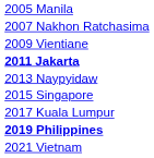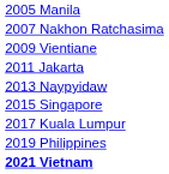 <table>
 <tr>
 <td><a href='#'>2005 Manila</a></td>
 <td></td>
 <td></td>
 <td></td>
 </tr>
 <tr>
 <td><a href='#'>2007 Nakhon Ratchasima</a></td>
 <td></td>
 <td></td>
 <td></td>
 </tr>
 <tr>
 <td><a href='#'>2009 Vientiane</a></td>
 <td></td>
 <td></td>
 <td></td>
 </tr>
 <tr>
-<td><strong><a href='#'>2011 Jakarta</a></strong></td>
+<td><a href='#'>2011 Jakarta</a></td>
 <td></td>
 <td></td>
 <td></td>
 </tr>
 <tr>
 <td><a href='#'>2013 Naypyidaw</a></td>
 <td></td>
 <td></td>
 <td></td>
 </tr>
 <tr>
 <td><a href='#'>2015 Singapore</a></td>
 <td></td>
 <td></td>
 <td></td>
 </tr>
 <tr>
 <td><a href='#'>2017 Kuala Lumpur</a></td>
 <td></td>
 <td></td>
 <td></td>
 </tr>
 <tr>
-<td><strong><a href='#'>2019 Philippines</a></strong></td>
+<td><a href='#'>2019 Philippines</a></td>
 <td></td>
 <td></td>
 <td></td>
 </tr>
 <tr>
-<td><a href='#'>2021 Vietnam</a></td>
+<td><strong><a href='#'>2021 Vietnam</a></strong></td>
 <td></td>
 <td></td>
 <td></td>
 </tr>
 </table>
